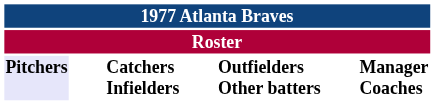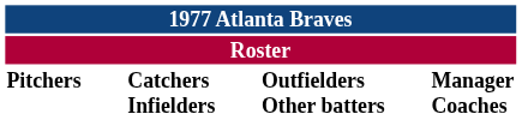 <table class="toccolours" style="font-size: 95%;">
 <tr>
 <th colspan="10" style="background-color: #0f437c; color: white; text-align: center;">1977 Atlanta Braves</th>
 </tr>
 <tr>
 <td colspan="10" style="background-color: #af0039; color: white; text-align: center;"><strong>Roster</strong></td>
 </tr>
 <tr>
-<td valign="top" style="background: lavender;"><strong>Pitchers</strong><br>                     </td>
+<td valign="top"><strong>Pitchers</strong><br>                     </td>
 <td width="25px"></td>
 <td valign="top"><strong>Catchers</strong><br>    <strong>Infielders</strong>         </td>
 <td width="25px"></td>
 <td valign="top"><strong>Outfielders</strong><br>      <strong>Other batters</strong> </td>
 <td width="25px"></td>
 <td valign="top"><strong>Manager</strong><br>   <strong>Coaches</strong>    </td>
 </tr>
 </table>
